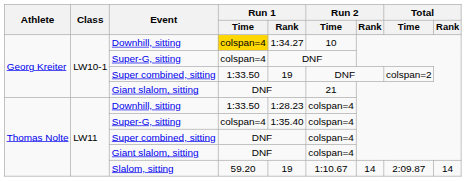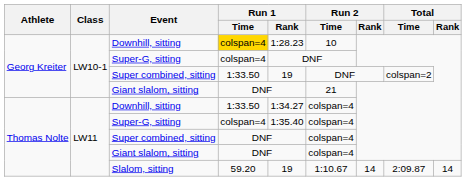 <table class=wikitable style="font-size:90%">
 <tr>
 <th rowspan=2>Athlete</th>
 <th rowspan=2>Class</th>
 <th rowspan=2>Event</th>
 <th colspan=2>Run 1</th>
 <th colspan=2>Run 2</th>
 <th colspan=2>Total</th>
 </tr>
 <tr style="font-size:95%">
 <th>Time</th>
 <th>Rank</th>
 <th>Time</th>
 <th>Rank</th>
 <th>Time</th>
 <th>Rank</th>
 </tr>
 <tr>
 <td rowspan=4><a href='#'>Georg Kreiter</a></td>
 <td rowspan=4>LW10-1</td>
 <td><a href='#'>Downhill, sitting</a></td>
 <td style="background: gold;">colspan=4 </td>
-<td align="center">1:34.27</td>
+<td align="center">1:28.23</td>
 <td align="center">10</td>
 </tr>
 <tr>
 <td><a href='#'>Super-G, sitting</a></td>
 <td>colspan=4 </td>
 <td colspan=2 align="center">DNF</td>
 </tr>
 <tr>
 <td><a href='#'>Super combined, sitting</a></td>
 <td align="center">1:33.50</td>
 <td align="center">19</td>
 <td colspan=2 align="center">DNF</td>
 <td>colspan=2 </td>
 </tr>
 <tr>
 <td><a href='#'>Giant slalom, sitting</a></td>
 <td colspan=2 align="center">DNF</td>
 <td align="center">21</td>
 </tr>
 <tr>
 <td rowspan=5><a href='#'>Thomas Nolte</a></td>
 <td rowspan=5>LW11</td>
 <td><a href='#'>Downhill, sitting</a></td>
 <td align="center">1:33.50</td>
-<td align="center">1:28.23</td>
+<td align="center">1:34.27</td>
 <td>colspan=4 </td>
 </tr>
 <tr>
 <td><a href='#'>Super-G, sitting</a></td>
 <td>colspan=4 </td>
 <td align="center">1:35.40</td>
 <td>colspan=4 </td>
 </tr>
 <tr>
 <td><a href='#'>Super combined, sitting</a></td>
 <td colspan=2 align="center">DNF</td>
 <td>colspan=4 </td>
 </tr>
 <tr>
 <td><a href='#'>Giant slalom, sitting</a></td>
 <td colspan=2 align="center">DNF</td>
 <td>colspan=4 </td>
 </tr>
 <tr>
 <td><a href='#'>Slalom, sitting</a></td>
 <td align="center">59.20</td>
 <td align="center">19</td>
 <td align="center">1:10.67</td>
 <td align="center">14</td>
 <td align="center">2:09.87</td>
 <td align="center">14</td>
 </tr>
 </table>
